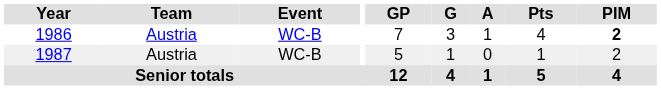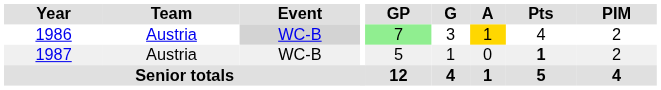 <table border="0" cellpadding="1" cellspacing="0" ID="Table3" style="text-align:center; width:40em">
 <tr bgcolor="#e0e0e0">
 <th>Year</th>
 <th>Team</th>
 <th>Event</th>
 <th rowspan="102" bgcolor="#ffffff"></th>
 <th>GP</th>
 <th>G</th>
 <th>A</th>
 <th>Pts</th>
 <th>PIM</th>
 </tr>
 <tr>
 <td><a href='#'>1986</a></td>
 <td><a href='#'>Austria</a></td>
-<td><a href='#'>WC-B</a></td>
-<td>7</td>
+<td style="background: lightgrey;"><a href='#'>WC-B</a></td>
+<td style="background: lightgreen;">7</td>
 <td>3</td>
-<td>1</td>
+<td style="background: gold;">1</td>
 <td>4</td>
-<td><strong>2</strong></td>
+<td>2</td>
 </tr>
 <tr bgcolor="#f0f0f0">
 <td><a href='#'>1987</a></td>
 <td>Austria</td>
 <td>WC-B</td>
 <td>5</td>
 <td>1</td>
 <td>0</td>
-<td>1</td>
+<td><strong>1</strong></td>
 <td>2</td>
 </tr>
 <tr bgcolor="#e0e0e0">
 <th colspan="4">Senior totals</th>
 <th>12</th>
 <th>4</th>
 <th>1</th>
 <th>5</th>
 <th>4</th>
 </tr>
 </table>
